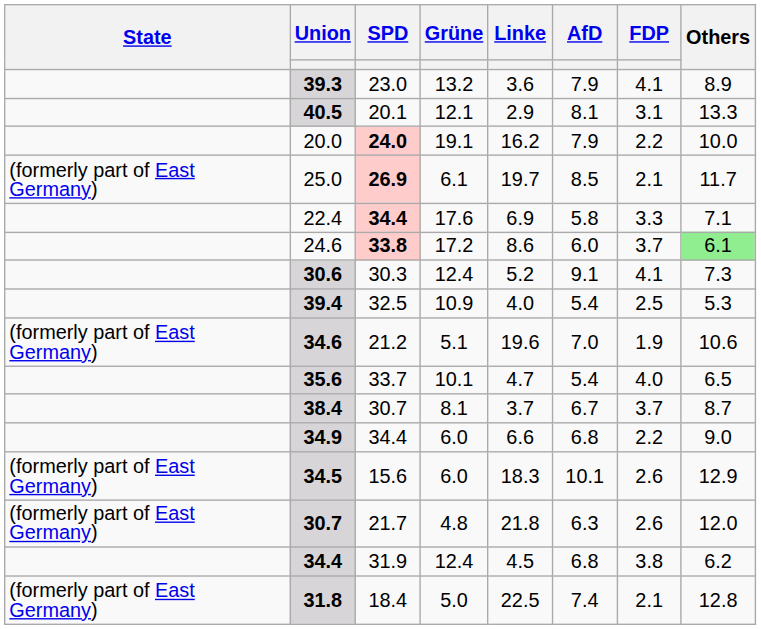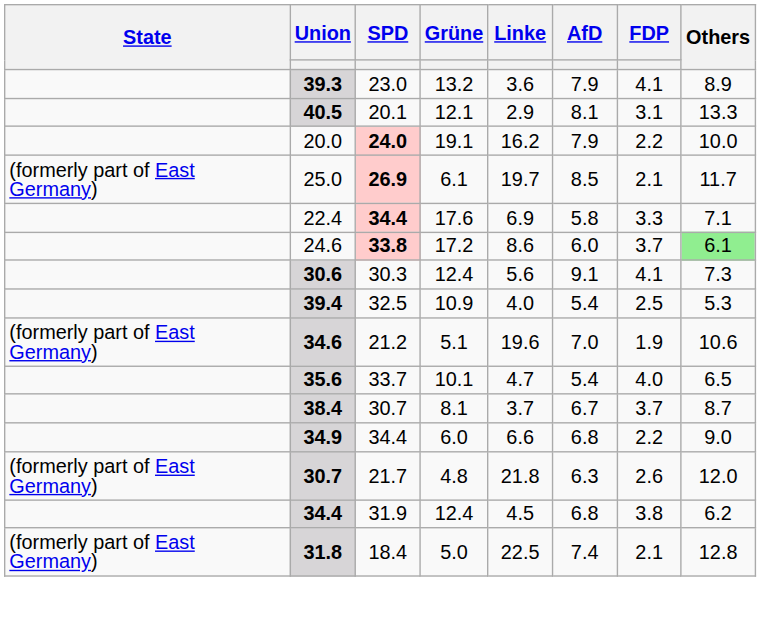 <table class="wikitable sortable" style="text-align:center;font-size:90%;line-height:14px">
 <tr style="height:40px;">
 <th style="width:200px;" rowspan="2"><a href='#'>State</a></th>
 <th style="width:40px;"><a href='#'>Union</a></th>
 <th style="width:40px;"><a href='#'>SPD</a></th>
 <th style="width:40px;"><a href='#'>Grüne</a></th>
 <th style="width:40px;"><a href='#'>Linke</a></th>
 <th style="width:40px;"><a href='#'>AfD</a></th>
 <th style="width:40px;"><a href='#'>FDP</a></th>
 <th class="unsortable" style="width:40px;" rowspan="2">Others</th>
 </tr>
 <tr>
 <th style="color:inherit;background:"></th>
 <th style="color:inherit;background:"></th>
 <th style="color:inherit;background:"></th>
 <th style="color:inherit;background:"></th>
 <th style="color:inherit;background:"></th>
 <th style="color:inherit;background:"></th>
 </tr>
 <tr>
 <td align="left"></td>
 <td style="background:#D7D5D7;"><strong>39.3</strong></td>
 <td>23.0</td>
 <td>13.2</td>
 <td>3.6</td>
 <td>7.9</td>
 <td>4.1</td>
 <td>8.9 </td>
 </tr>
 <tr>
 <td align="left"></td>
 <td style="background:#D7D5D7;"><strong>40.5</strong></td>
 <td>20.1</td>
 <td>12.1</td>
 <td>2.9</td>
 <td>8.1</td>
 <td>3.1</td>
 <td>13.3 </td>
 </tr>
 <tr>
 <td align="left"></td>
 <td>20.0</td>
 <td style="background:#FFCCCC;"><strong>24.0</strong></td>
 <td>19.1</td>
 <td>16.2</td>
 <td>7.9</td>
 <td>2.2</td>
 <td>10.0 </td>
 </tr>
 <tr>
 <td align="left"> (formerly part of <a href='#'>East Germany</a>)</td>
 <td>25.0</td>
 <td style="background:#FFCCCC;"><strong>26.9</strong></td>
 <td>6.1</td>
 <td>19.7</td>
 <td>8.5</td>
 <td>2.1</td>
 <td>11.7 </td>
 </tr>
 <tr>
 <td align="left"></td>
 <td>22.4</td>
 <td style="background:#FFCCCC"><strong>34.4</strong></td>
 <td>17.6</td>
 <td>6.9</td>
 <td>5.8</td>
 <td>3.3</td>
 <td>7.1 </td>
 </tr>
 <tr>
 <td align="left"></td>
 <td>24.6</td>
 <td style="background:#FFCCCC;"><strong>33.8</strong></td>
 <td>17.2</td>
 <td>8.6</td>
 <td>6.0</td>
 <td>3.7</td>
 <td style="background: lightgreen;">6.1 </td>
 </tr>
 <tr>
 <td align="left"></td>
 <td style="background:#D7D5D7;"><strong>30.6</strong></td>
 <td>30.3</td>
 <td>12.4</td>
-<td>5.2</td>
+<td>5.6</td>
 <td>9.1</td>
 <td>4.1</td>
 <td>7.3 </td>
 </tr>
 <tr>
 <td align="left"></td>
 <td style="background:#D7D5D7;"><strong>39.4</strong></td>
 <td>32.5</td>
 <td>10.9</td>
 <td>4.0</td>
 <td>5.4</td>
 <td>2.5</td>
 <td>5.3 </td>
 </tr>
 <tr>
 <td align="left"> (formerly part of <a href='#'>East Germany</a>)</td>
 <td style="background:#D7D5D7;"><strong>34.6</strong></td>
 <td>21.2</td>
 <td>5.1</td>
 <td>19.6</td>
 <td>7.0</td>
 <td>1.9</td>
 <td>10.6 </td>
 </tr>
 <tr>
 <td align="left"></td>
 <td style="background:#D7D5D7;"><strong>35.6</strong></td>
 <td>33.7</td>
 <td>10.1</td>
 <td>4.7</td>
 <td>5.4</td>
 <td>4.0</td>
 <td>6.5 </td>
 </tr>
 <tr>
 <td align="left"></td>
 <td style="background:#D7D5D7;"><strong>38.4</strong></td>
 <td>30.7</td>
 <td>8.1</td>
 <td>3.7</td>
 <td>6.7</td>
 <td>3.7</td>
 <td>8.7 </td>
 </tr>
 <tr>
 <td align="left"></td>
 <td style="background:#D7D5D7;"><strong>34.9</strong></td>
 <td>34.4</td>
 <td>6.0</td>
 <td>6.6</td>
 <td>6.8</td>
 <td>2.2</td>
 <td>9.0 </td>
 </tr>
 <tr>
 <td align="left"> (formerly part of <a href='#'>East Germany</a>)</td>
-<td style="background:#D7D5D7;"><strong>34.5</strong></td>
-<td>15.6</td>
-<td>6.0</td>
-<td>18.3</td>
-<td>10.1</td>
-<td>2.6</td>
-<td>12.9 </td>
-</tr>
-<tr>
-<td align="left"> (formerly part of <a href='#'>East Germany</a>)</td>
 <td style="background:#D7D5D7;"><strong>30.7</strong></td>
 <td>21.7</td>
 <td>4.8</td>
 <td>21.8</td>
 <td>6.3</td>
 <td>2.6</td>
 <td>12.0 </td>
 </tr>
 <tr>
 <td align="left"></td>
 <td style="background:#D7D5D7;"><strong>34.4</strong></td>
 <td>31.9</td>
 <td>12.4</td>
 <td>4.5</td>
 <td>6.8</td>
 <td>3.8</td>
 <td>6.2 </td>
 </tr>
 <tr>
 <td align="left"> (formerly part of <a href='#'>East Germany</a>)</td>
 <td style="background:#D7D5D7;"><strong>31.8</strong></td>
 <td>18.4</td>
 <td>5.0</td>
 <td>22.5</td>
 <td>7.4</td>
 <td>2.1</td>
 <td>12.8 </td>
 </tr>
 </table>
